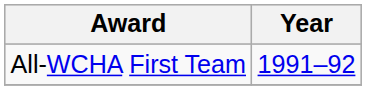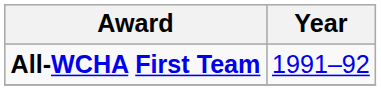 <table class="wikitable">
 <tr>
 <th>Award</th>
 <th>Year</th>
 </tr>
 <tr>
-<td>All-<a href='#'>WCHA</a> <a href='#'>First Team</a></td>
+<td><strong>All-<a href='#'>WCHA</a> <a href='#'>First Team</a></strong></td>
 <td><a href='#'>1991–92</a></td>
 </tr>
 <tr>
 </tr>
 </table>
